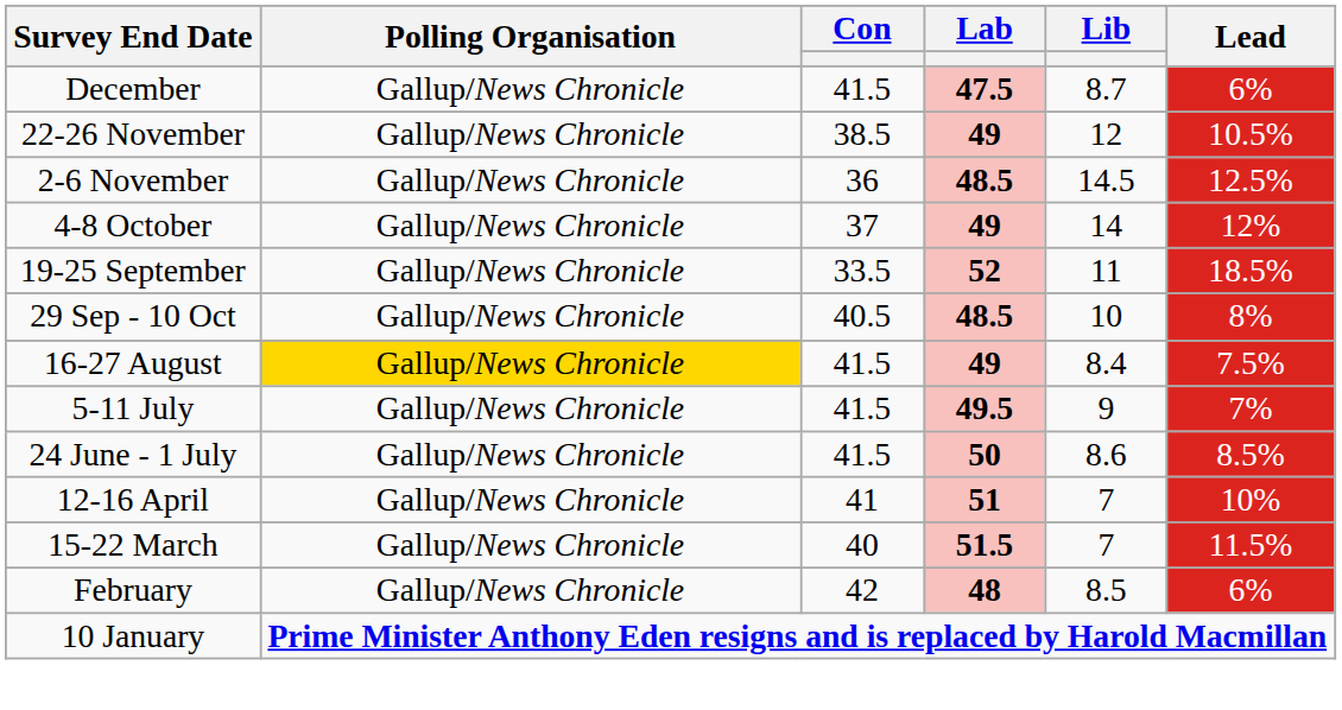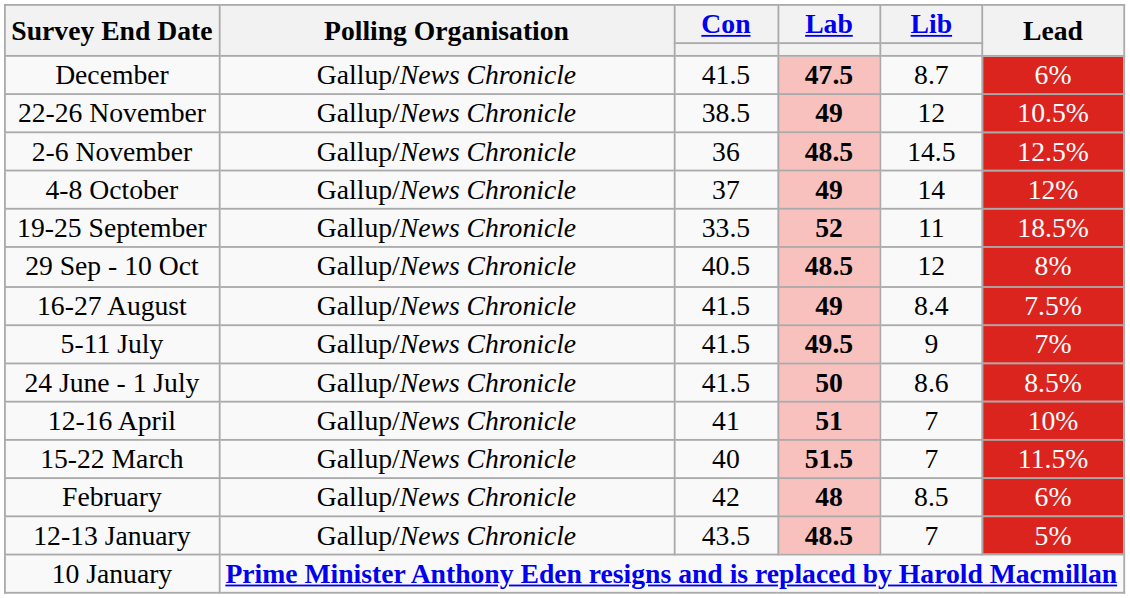 <table class="wikitable" style="text-align: center; line-height: 14px; font-size: 95%;">
 <tr>
 <th rowspan="2">Survey End Date</th>
 <th rowspan="2">Polling Organisation</th>
 <th><a href='#'>Con</a></th>
 <th><a href='#'>Lab</a></th>
 <th><a href='#'>Lib</a></th>
 <th rowspan="2">Lead</th>
 </tr>
 <tr>
 <th style="background:"></th>
 <th style="background:"></th>
 <th style="background:"></th>
 </tr>
 <tr>
 <td>December</td>
 <td>Gallup/<em>News Chronicle</em></td>
 <td>41.5</td>
 <td style="background:#F8C1BE"><strong>47.5</strong></td>
 <td>8.7</td>
 <td style="background:#DC241f; color:white;">6%</td>
 </tr>
 <tr>
 <td>22-26 November</td>
 <td>Gallup/<em>News Chronicle</em></td>
 <td>38.5</td>
 <td style="background:#F8C1BE"><strong>49</strong></td>
 <td>12</td>
 <td style="background:#DC241f; color:white;">10.5%</td>
 </tr>
 <tr>
 <td>2-6 November</td>
 <td>Gallup/<em>News Chronicle</em></td>
 <td>36</td>
 <td style="background:#F8C1BE"><strong>48.5</strong></td>
 <td>14.5</td>
 <td style="background:#DC241f; color:white;">12.5%</td>
 </tr>
 <tr>
 <td>4-8 October</td>
 <td>Gallup/<em>News Chronicle</em></td>
 <td>37</td>
 <td style="background:#F8C1BE"><strong>49</strong></td>
 <td>14</td>
 <td style="background:#DC241f; color:white;">12%</td>
 </tr>
 <tr>
 <td>19-25 September</td>
 <td>Gallup/<em>News Chronicle</em></td>
 <td>33.5</td>
 <td style="background:#F8C1BE"><strong>52</strong></td>
 <td>11</td>
 <td style="background:#DC241f; color:white;">18.5%</td>
 </tr>
 <tr>
 <td>29 Sep - 10 Oct</td>
 <td>Gallup/<em>News Chronicle</em></td>
 <td>40.5</td>
 <td style="background:#F8C1BE"><strong>48.5</strong></td>
-<td>10</td>
+<td>12</td>
 <td style="background:#DC241f; color:white;">8%</td>
 </tr>
 <tr>
 <td>16-27 August</td>
-<td style="background: gold;">Gallup/<em>News Chronicle</em></td>
+<td>Gallup/<em>News Chronicle</em></td>
 <td>41.5</td>
 <td style="background:#F8C1BE"><strong>49</strong></td>
 <td>8.4</td>
 <td style="background:#DC241f; color:white;">7.5%</td>
 </tr>
 <tr>
 <td>5-11 July</td>
 <td>Gallup/<em>News Chronicle</em></td>
 <td>41.5</td>
 <td style="background:#F8C1BE"><strong>49.5</strong></td>
 <td>9</td>
 <td style="background:#DC241f; color:white;">7%</td>
 </tr>
 <tr>
 <td>24 June - 1 July</td>
 <td>Gallup/<em>News Chronicle</em></td>
 <td>41.5</td>
 <td style="background:#F8C1BE"><strong>50</strong></td>
 <td>8.6</td>
 <td style="background:#DC241f; color:white;">8.5%</td>
 </tr>
 <tr>
 <td>12-16 April</td>
 <td>Gallup/<em>News Chronicle</em></td>
 <td>41</td>
 <td style="background:#F8C1BE"><strong>51</strong></td>
 <td>7</td>
 <td style="background:#DC241f; color:white;">10%</td>
 </tr>
 <tr>
 <td>15-22 March</td>
 <td>Gallup/<em>News Chronicle</em></td>
 <td>40</td>
 <td style="background:#F8C1BE"><strong>51.5</strong></td>
 <td>7</td>
 <td style="background:#DC241f; color:white;">11.5%</td>
 </tr>
 <tr>
 <td>February</td>
 <td>Gallup/<em>News Chronicle</em></td>
 <td>42</td>
 <td style="background:#F8C1BE"><strong>48</strong></td>
 <td>8.5</td>
 <td style="background:#DC241f; color:white;">6%</td>
 </tr>
 <tr>
+<td>12-13 January</td>
+<td>Gallup/<em>News Chronicle</em></td>
+<td>43.5</td>
+<td style="background:#F8C1BE"><strong>48.5</strong></td>
+<td>7</td>
+<td style="background:#DC241f; color:white;">5%</td>
+</tr>
+<tr>
 <td>10 January</td>
 <td colspan="5"><strong><a href='#'>Prime Minister Anthony Eden resigns and is replaced by Harold Macmillan</a></strong></td>
 </tr>
 </table>
